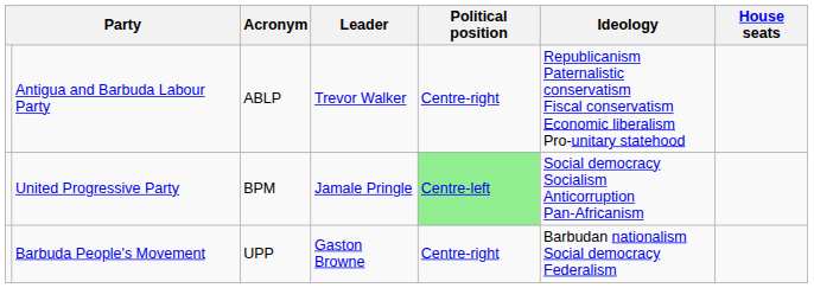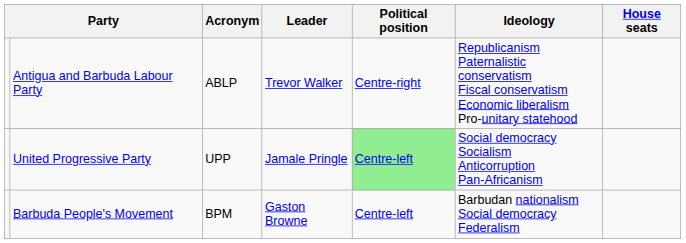 <table class="wikitable sortable">
 <tr>
 <th colspan=2>Party</th>
 <th>Acronym</th>
 <th>Leader</th>
 <th>Political position</th>
 <th>Ideology</th>
 <th><a href='#'>House</a> seats</th>
 </tr>
 <tr>
 <td bgcolor=></td>
 <td><a href='#'>Antigua and Barbuda Labour Party</a></td>
 <td>ABLP</td>
 <td><a href='#'>Trevor Walker</a></td>
 <td><a href='#'>Centre-right</a></td>
 <td><a href='#'>Republicanism</a><br><a href='#'>Paternalistic conservatism</a><br><a href='#'>Fiscal conservatism</a><br><a href='#'>Economic liberalism</a><br>Pro-<a href='#'>unitary statehood</a></td>
 <td></td>
 </tr>
 <tr>
 <td bgcolor=></td>
 <td><a href='#'>United Progressive Party</a></td>
-<td>BPM</td>
+<td>UPP</td>
 <td><a href='#'>Jamale Pringle</a></td>
 <td style="background: lightgreen;"><a href='#'>Centre-left</a></td>
 <td><a href='#'>Social democracy</a><br><a href='#'>Socialism</a><br><a href='#'>Anticorruption</a><br><a href='#'>Pan-Africanism</a></td>
 <td></td>
 </tr>
 <tr>
 <td></td>
 <td><a href='#'>Barbuda People's Movement</a></td>
-<td>UPP</td>
+<td>BPM</td>
 <td><a href='#'>Gaston Browne</a></td>
-<td><a href='#'>Centre-right</a></td>
+<td><a href='#'>Centre-left</a></td>
 <td>Barbudan <a href='#'>nationalism</a><br><a href='#'>Social democracy</a><br><a href='#'>Federalism</a></td>
 <td></td>
 </tr>
 </table>
